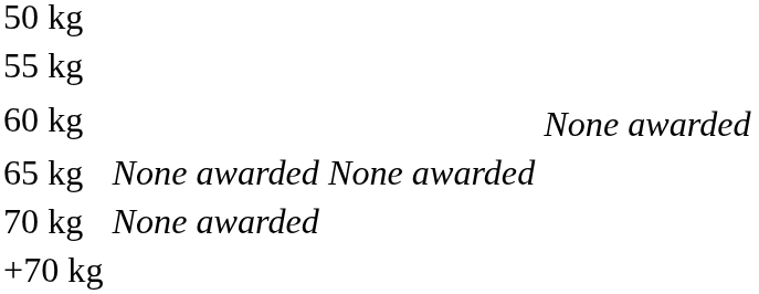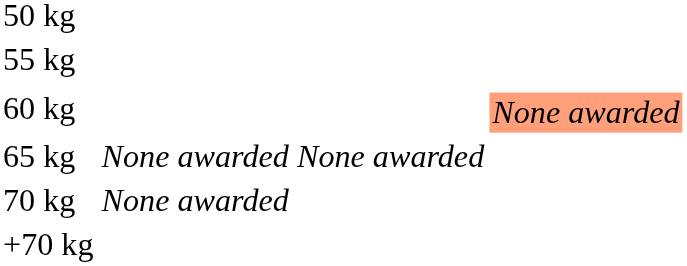 <table>
 <tr>
 <td rowspan=2>50 kg</td>
 <td rowspan=2></td>
 <td rowspan=2></td>
 <td></td>
 </tr>
 <tr>
 <td></td>
 </tr>
 <tr>
 <td rowspan=2>55 kg</td>
 <td rowspan=2></td>
 <td rowspan=2></td>
 <td></td>
 </tr>
 <tr>
 <td></td>
 </tr>
 <tr>
 <td rowspan=2>60 kg</td>
 <td rowspan=2></td>
 <td rowspan=2></td>
 <td></td>
 </tr>
 <tr>
-<td><em>None awarded</em></td>
+<td style="background: lightsalmon;"><em>None awarded</em></td>
 </tr>
 <tr>
 <td rowspan=2>65 kg</td>
 <td rowspan=2><em>None awarded</em></td>
 <td rowspan=2><em>None awarded</em></td>
 <td></td>
 </tr>
 <tr>
 <td></td>
 </tr>
 <tr>
 <td rowspan=2>70 kg</td>
 <td rowspan=2><em>None awarded</em></td>
 <td rowspan=2></td>
 <td></td>
 </tr>
 <tr>
 <td></td>
 </tr>
 <tr>
 <td rowspan=2>+70 kg</td>
 <td rowspan=2></td>
 <td rowspan=2></td>
 <td></td>
 </tr>
 <tr>
 <td></td>
 </tr>
 </table>
